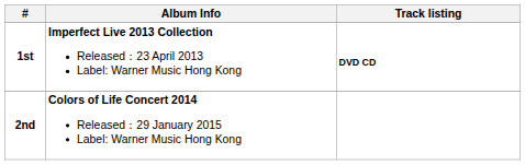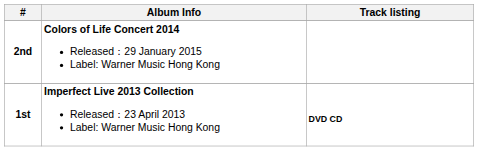 <table class="wikitable">
 <tr>
 <th align="left" width="50px">#</th>
 <th align="left" width="400px">Album Info</th>
 <th align="left" width="250px">Track listing</th>
 </tr>
 <tr>
 </tr>
 <tr bgcolor="#FFFFFF">
+<td align="center"><strong>2nd</strong></td>
+<td align="left"><strong>Colors of Life Concert 2014</strong><br><ul><li>Released：29 January 2015</li><li>Label: Warner Music Hong Kong</li></ul></td>
+<td align="left" style="font-size: 85%;"><br>   </td>
+</tr>
+<tr>
+</tr>
+<tr bgcolor="#FFFFFF">
 <td align="center"><strong>1st</strong></td>
 <td align="left"><strong>Imperfect Live 2013 Collection</strong><br><ul><li>Released：23 April 2013</li><li>Label: Warner Music Hong Kong</li></ul></td>
 <td align="left" style="font-size: 85%;"><br><strong>DVD</strong>    <strong>CD</strong>   </td>
 </tr>
-<tr>
-</tr>
-<tr bgcolor="#FFFFFF">
-<td align="center"><strong>2nd</strong></td>
-<td align="left"><strong>Colors of Life Concert 2014</strong><br><ul><li>Released：29 January 2015</li><li>Label: Warner Music Hong Kong</li></ul></td>
-<td align="left" style="font-size: 85%;"><br>   </td>
-</tr>
 </table>
